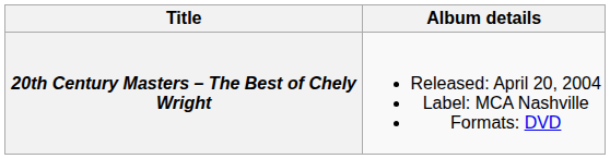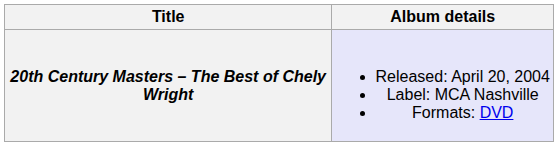 <table class="wikitable plainrowheaders" style="text-align:center;">
 <tr>
 <th scope="col" style="width:20em;">Title</th>
 <th scope="col">Album details</th>
 </tr>
 <tr>
 <th scope="row"><em>20th Century Masters – The Best of Chely<br>Wright</em></th>
-<td><br><ul><li>Released: April 20, 2004</li><li>Label: MCA Nashville</li><li>Formats: <a href='#'>DVD</a></li></ul></td>
+<td style="background: lavender;"><br><ul><li>Released: April 20, 2004</li><li>Label: MCA Nashville</li><li>Formats: <a href='#'>DVD</a></li></ul></td>
 </tr>
 <tr>
 </tr>
 </table>
